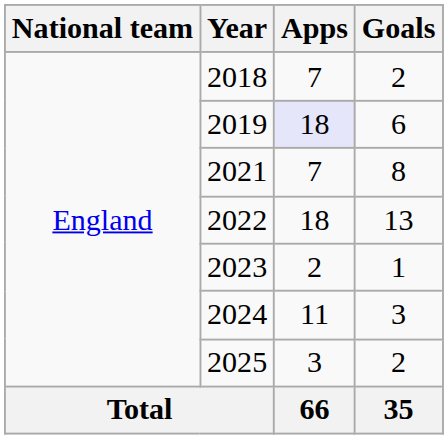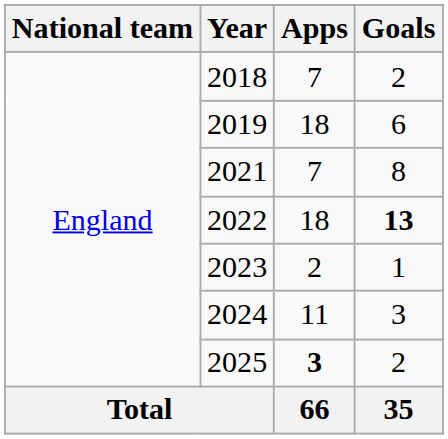 <table class="wikitable" style="text-align:center">
 <tr>
 <th>National team</th>
 <th>Year</th>
 <th>Apps</th>
 <th>Goals</th>
 </tr>
 <tr>
 <td rowspan="7"><a href='#'>England</a></td>
 <td>2018</td>
 <td>7</td>
 <td>2</td>
 </tr>
 <tr>
 <td>2019</td>
-<td style="background: lavender;">18</td>
+<td>18</td>
 <td>6</td>
 </tr>
 <tr>
 <td>2021</td>
 <td>7</td>
 <td>8</td>
 </tr>
 <tr>
 <td>2022</td>
 <td>18</td>
-<td>13</td>
+<td><strong>13</strong></td>
 </tr>
 <tr>
 <td>2023</td>
 <td>2</td>
 <td>1</td>
 </tr>
 <tr>
 <td>2024</td>
 <td>11</td>
 <td>3</td>
 </tr>
 <tr>
 <td>2025</td>
-<td>3</td>
+<td><strong>3</strong></td>
 <td>2</td>
 </tr>
 <tr>
 <th colspan="2">Total</th>
 <th>66</th>
 <th>35</th>
 </tr>
 </table>
